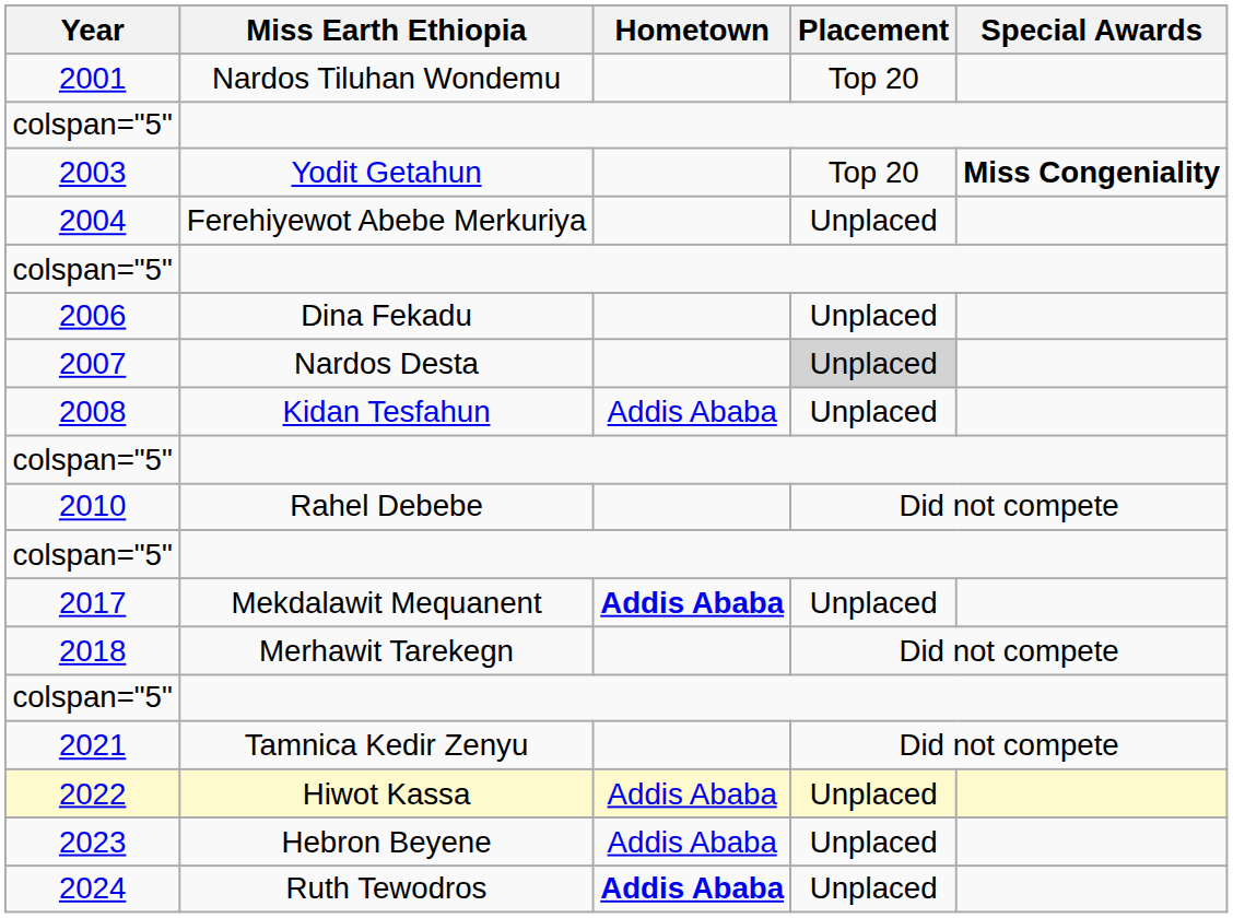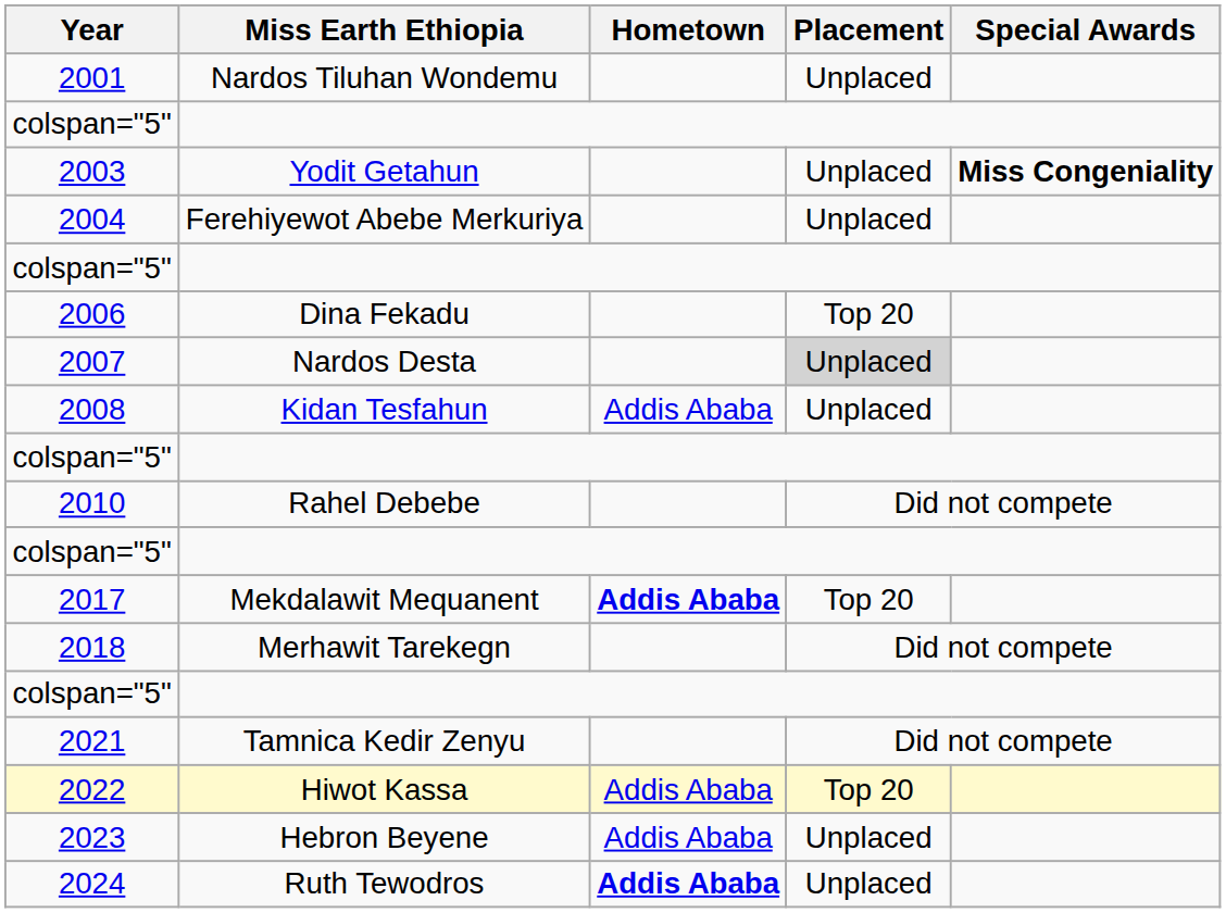 <table class="wikitable " style="font-size: 90%; text-align:center;">
 <tr>
 <th>Year</th>
 <th>Miss Earth Ethiopia</th>
 <th>Hometown</th>
 <th>Placement</th>
 <th>Special Awards</th>
 </tr>
 <tr>
 <td><a href='#'>2001</a></td>
 <td>Nardos Tiluhan Wondemu</td>
 <td></td>
-<td>Top 20</td>
+<td>Unplaced</td>
 <td></td>
 </tr>
 <tr>
 <td>colspan="5" </td>
 </tr>
 <tr>
 <td><a href='#'>2003</a></td>
 <td><a href='#'>Yodit Getahun</a></td>
 <td></td>
-<td>Top 20</td>
+<td>Unplaced</td>
 <td><strong>Miss Congeniality</strong></td>
 </tr>
 <tr>
 <td><a href='#'>2004</a></td>
 <td>Ferehiyewot Abebe Merkuriya</td>
 <td></td>
 <td>Unplaced</td>
 <td></td>
 </tr>
 <tr>
 <td>colspan="5" </td>
 </tr>
 <tr>
 <td><a href='#'>2006</a></td>
 <td>Dina Fekadu</td>
 <td></td>
-<td>Unplaced</td>
+<td>Top 20</td>
 <td></td>
 </tr>
 <tr>
 <td><a href='#'>2007</a></td>
 <td>Nardos Desta</td>
 <td></td>
 <td style="background: lightgrey;">Unplaced</td>
 <td></td>
 </tr>
 <tr>
 <td><a href='#'>2008</a></td>
 <td><a href='#'>Kidan Tesfahun</a></td>
 <td><a href='#'>Addis Ababa</a></td>
 <td>Unplaced</td>
 <td></td>
 </tr>
 <tr>
 <td>colspan="5" </td>
 </tr>
 <tr>
 <td><a href='#'>2010</a></td>
 <td>Rahel Debebe</td>
 <td></td>
 <td colspan="2">Did not compete</td>
 </tr>
 <tr>
 <td>colspan="5" </td>
 </tr>
 <tr>
 <td><a href='#'>2017</a></td>
 <td>Mekdalawit Mequanent</td>
 <td><strong><a href='#'>Addis Ababa</a></strong></td>
-<td>Unplaced</td>
+<td>Top 20</td>
 <td></td>
 </tr>
 <tr>
 <td><a href='#'>2018</a></td>
 <td>Merhawit Tarekegn</td>
 <td></td>
 <td colspan="2">Did not compete</td>
 </tr>
 <tr>
 <td>colspan="5" </td>
 </tr>
 <tr>
 <td><a href='#'>2021</a></td>
 <td>Tamnica Kedir Zenyu</td>
 <td></td>
 <td colspan="5">Did not compete</td>
 </tr>
 <tr style="background-color:#FFFACD">
 <td><a href='#'>2022</a></td>
 <td>Hiwot Kassa</td>
 <td><a href='#'>Addis Ababa</a></td>
-<td>Unplaced</td>
+<td>Top 20</td>
 <td></td>
 </tr>
 <tr>
 <td><a href='#'>2023</a></td>
 <td>Hebron Beyene</td>
 <td><a href='#'>Addis Ababa</a></td>
 <td>Unplaced</td>
 <td></td>
 </tr>
 <tr>
 <td><a href='#'>2024</a></td>
 <td>Ruth Tewodros</td>
 <td><strong><a href='#'>Addis Ababa</a></strong></td>
 <td>Unplaced</td>
 <td></td>
 </tr>
 </table>
